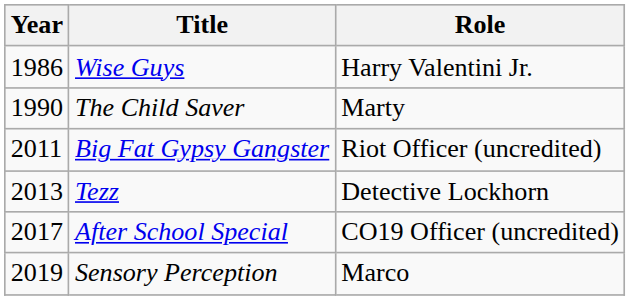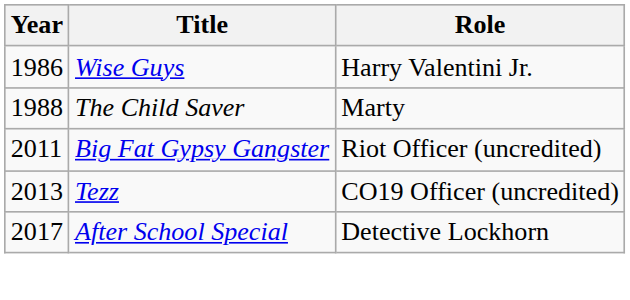 <table class="wikitable sortable" style="float: centre; margin-centre: 0; margin-centre: 1em;">
 <tr>
 <th>Year</th>
 <th>Title</th>
 <th>Role</th>
 </tr>
 <tr>
 <td>1986</td>
 <td><em><a href='#'>Wise Guys</a></em></td>
 <td>Harry Valentini Jr.</td>
 </tr>
 <tr>
-<td>1990</td>
+<td>1988</td>
 <td><em>The Child Saver</em></td>
 <td>Marty</td>
 </tr>
 <tr>
 <td>2011</td>
 <td><em><a href='#'>Big Fat Gypsy Gangster</a></em></td>
 <td>Riot Officer (uncredited)</td>
 </tr>
 <tr>
 <td>2013</td>
 <td><em><a href='#'>Tezz</a></em></td>
-<td>Detective Lockhorn</td>
+<td>CO19 Officer (uncredited)</td>
 </tr>
 <tr>
 <td>2017</td>
 <td><em><a href='#'>After School Special</a></em></td>
-<td>CO19 Officer (uncredited)</td>
-</tr>
-<tr>
-<td>2019</td>
-<td><em>Sensory Perception</em></td>
-<td>Marco</td>
+<td>Detective Lockhorn</td>
 </tr>
 </table>
